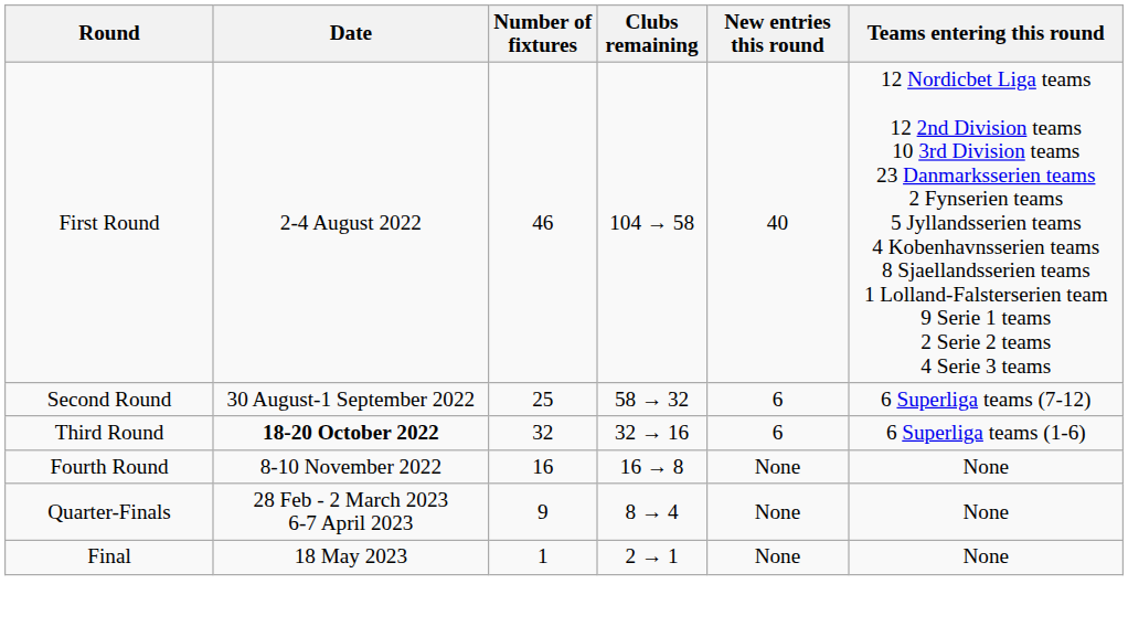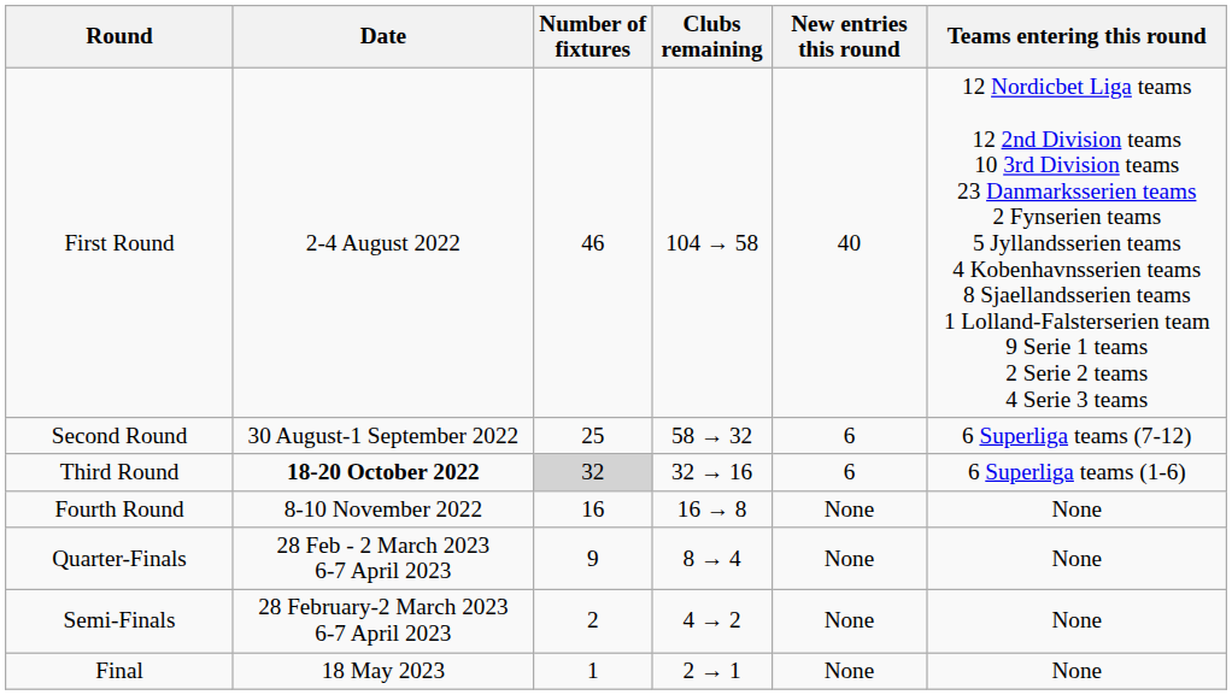 <table class="wikitable plainrowheaders" style="text-align:center">
 <tr>
 <th scope="col" style="width:150px">Round</th>
 <th scope="col" style="width:200px">Date</th>
 <th scope="col" style="width:75px">Number of fixtures</th>
 <th scope="col" style="width:75px">Clubs remaining</th>
 <th scope="col" style="width:100px">New entries this round</th>
 <th scope="col" style="width:200px">Teams entering this round</th>
 </tr>
 <tr>
 <td>First Round</td>
 <td>2-4 August 2022</td>
 <td>46</td>
 <td>104 → 58</td>
 <td>40</td>
 <td>12 <a href='#'>Nordicbet Liga</a> teams<br><br>12 <a href='#'>2nd Division</a> teams<br> 10 <a href='#'>3rd Division</a> teams<br> 23 <a href='#'>Danmarksserien teams</a><br> 2 Fynserien teams<br> 5 Jyllandsserien teams<br> 4 Kobenhavnsserien teams<br> 8 Sjaellandsserien teams<br> 1 Lolland-Falsterserien team<br> 9 Serie 1 teams<br> 2 Serie 2 teams<br> 4 Serie 3 teams<br></td>
 </tr>
 <tr>
 <td>Second Round</td>
 <td>30 August-1 September 2022</td>
 <td>25</td>
 <td>58 → 32</td>
 <td>6</td>
 <td>6 <a href='#'>Superliga</a> teams (7-12)</td>
 </tr>
 <tr>
 <td>Third Round</td>
 <td><strong>18-20 October 2022</strong></td>
-<td>32</td>
+<td style="background: lightgrey;">32</td>
 <td>32 → 16</td>
 <td>6</td>
 <td>6 <a href='#'>Superliga</a> teams (1-6)</td>
 </tr>
 <tr>
 <td>Fourth Round</td>
 <td>8-10 November 2022</td>
 <td>16</td>
 <td>16 → 8</td>
 <td>None</td>
 <td>None</td>
 </tr>
 <tr>
 <td>Quarter-Finals</td>
 <td>28 Feb - 2 March 2023<br>6-7 April 2023</td>
 <td>9</td>
 <td>8 → 4</td>
 <td>None</td>
 <td>None</td>
 </tr>
 <tr>
+<td>Semi-Finals</td>
+<td>28 February-2 March 2023<br>6-7 April 2023</td>
+<td>2</td>
+<td>4 → 2</td>
+<td>None</td>
+<td>None</td>
+</tr>
+<tr>
 <td>Final</td>
 <td>18 May 2023</td>
 <td>1</td>
 <td>2 → 1</td>
 <td>None</td>
 <td>None</td>
 </tr>
 </table>
